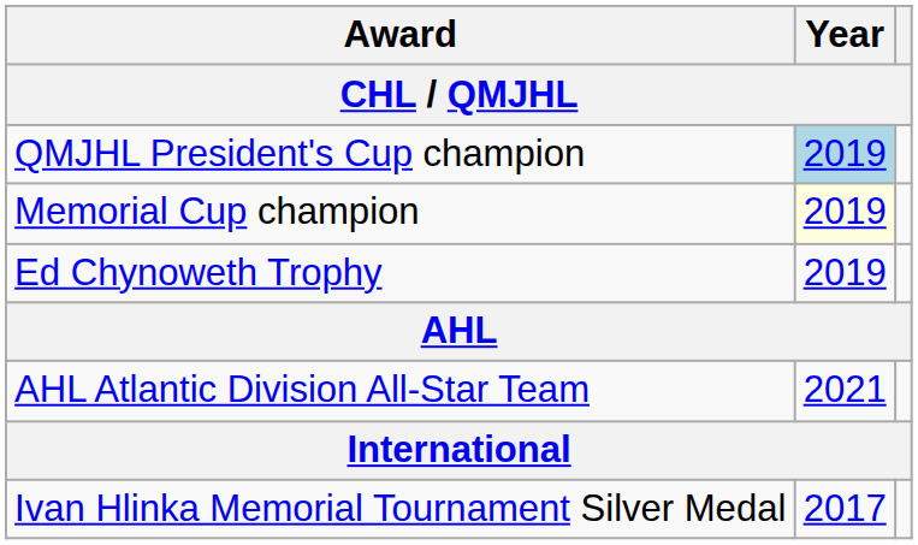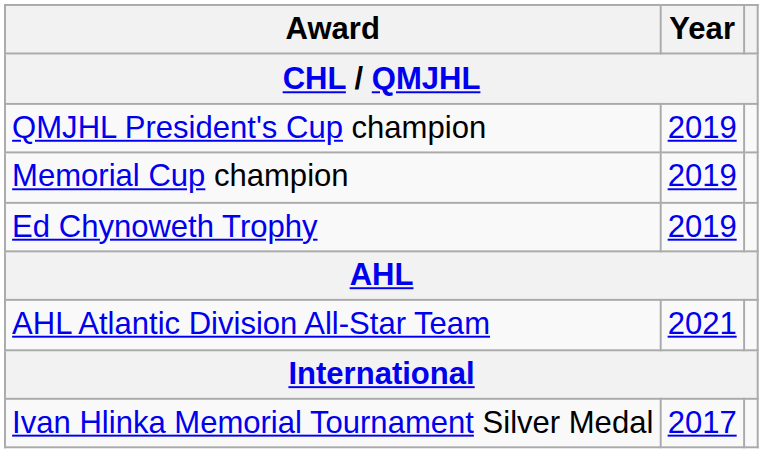 <table class="wikitable">
 <tr>
 <th>Award</th>
 <th>Year</th>
 <th></th>
 </tr>
 <tr>
 <th colspan="3"><a href='#'>CHL</a> / <a href='#'>QMJHL</a></th>
 </tr>
 <tr>
 <td><a href='#'>QMJHL President's Cup</a> champion</td>
-<td style="background: lightblue;"><a href='#'>2019</a></td>
+<td><a href='#'>2019</a></td>
 <td></td>
 </tr>
 <tr>
 <td><a href='#'>Memorial Cup</a> champion</td>
-<td style="background: lightyellow;"><a href='#'>2019</a></td>
+<td><a href='#'>2019</a></td>
 <td></td>
 </tr>
 <tr>
 <td><a href='#'>Ed Chynoweth Trophy</a></td>
 <td><a href='#'>2019</a></td>
 <td></td>
 </tr>
 <tr>
 <th colspan="3"><a href='#'>AHL</a></th>
 </tr>
 <tr>
 <td><a href='#'>AHL Atlantic Division All-Star Team</a></td>
 <td><a href='#'>2021</a></td>
 <td></td>
 </tr>
 <tr>
 <th colspan="3"><a href='#'>International</a></th>
 </tr>
 <tr>
 <td><a href='#'>Ivan Hlinka Memorial Tournament</a> Silver Medal</td>
 <td><a href='#'>2017</a></td>
 <td></td>
 </tr>
 </table>
